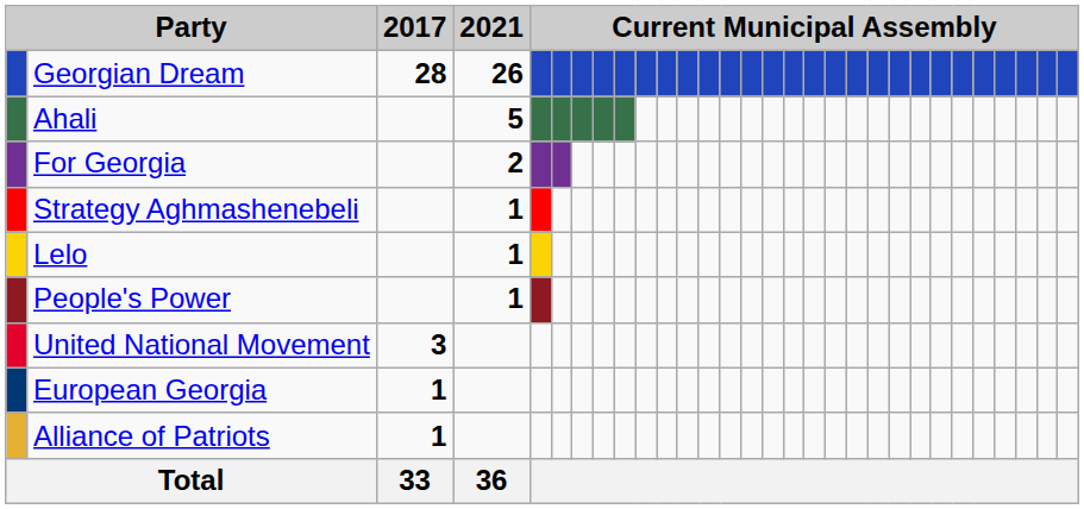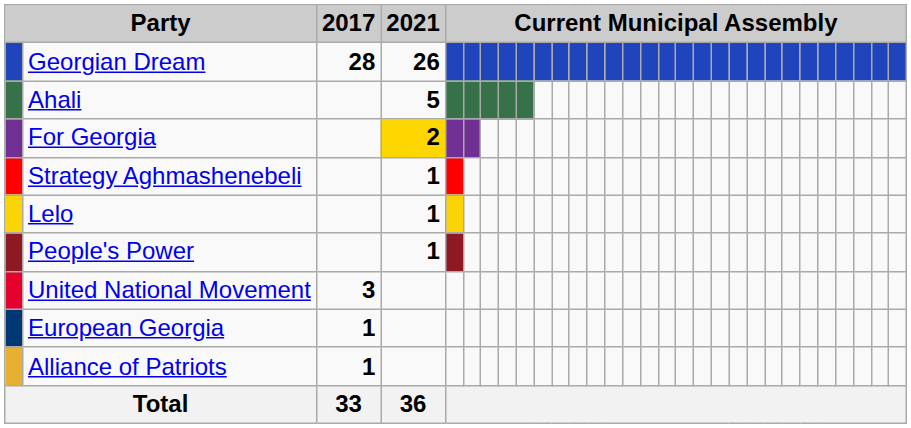 <table class="wikitable">
 <tr>
 <th colspan="2" style="background:#ccc">Party</th>
 <th style="background:#ccc">2017</th>
 <th style="background:#ccc">2021</th>
 <th colspan="28" style="background:#ccc">Current Municipal Assembly</th>
 </tr>
 <tr>
 <td style="background-color: #2044bc "> </td>
 <td><a href='#'>Georgian Dream</a></td>
 <td style="text-align: right"><strong>28</strong></td>
 <td style="text-align: right"><strong>26</strong></td>
 <td style="background-color: #2044bc "></td>
 <td style="background-color: #2044bc "> </td>
 <td style="background-color: #2044bc "> </td>
 <td style="background-color: #2044bc "> </td>
 <td style="background-color: #2044bc "> </td>
 <td style="background-color: #2044bc "> </td>
 <td style="background-color: #2044bc "> </td>
 <td style="background-color: #2044bc "> </td>
 <td style="background-color: #2044bc "> </td>
 <td style="background-color: #2044bc "> </td>
 <td style="background-color: #2044bc "> </td>
 <td style="background-color: #2044bc "> </td>
 <td style="background-color: #2044bc "> </td>
 <td style="background-color: #2044bc "> </td>
 <td style="background-color: #2044bc "> </td>
 <td style="background-color: #2044bc "> </td>
 <td style="background-color: #2044bc "> </td>
 <td style="background-color: #2044bc "> </td>
 <td style="background-color: #2044bc "> </td>
 <td style="background-color: #2044bc "> </td>
 <td style="background-color: #2044bc "> </td>
 <td style="background-color: #2044bc "> </td>
 <td style="background-color: #2044bc "> </td>
 <td style="background-color: #2044bc "> </td>
 <td style="background-color: #2044bc "> </td>
 <td style="background-color: #2044bc "> </td>
 </tr>
 <tr>
 <td style="background-color: #377149 "> </td>
 <td><a href='#'>Ahali</a></td>
 <td></td>
 <td style="text-align: right"><strong>5</strong></td>
 <td style="background-color: #377149 "> </td>
 <td style="background-color: #377149 "> </td>
 <td style="background-color: #377149 "> </td>
 <td style="background-color: #377149 "> </td>
 <td style="background-color: #377149 "> </td>
 <td></td>
 <td></td>
 <td></td>
 <td></td>
 <td></td>
 <td></td>
 <td></td>
 <td></td>
 <td></td>
 <td></td>
 <td></td>
 <td></td>
 <td></td>
 <td></td>
 <td></td>
 <td></td>
 <td></td>
 <td></td>
 <td></td>
 <td></td>
 <td></td>
 </tr>
 <tr>
 <td style="background-color: #702F92 "> </td>
 <td><a href='#'>For Georgia</a></td>
 <td></td>
-<td style="text-align: right"><strong>2</strong></td>
+<td style="background: gold; text-align: right"><strong>2</strong></td>
 <td style="background-color: #702f92 "> </td>
 <td style="background-color: #702f92 "> </td>
 <td></td>
 <td></td>
 <td></td>
 <td></td>
 <td></td>
 <td></td>
 <td></td>
 <td></td>
 <td></td>
 <td></td>
 <td></td>
 <td></td>
 <td></td>
 <td></td>
 <td></td>
 <td></td>
 <td></td>
 <td></td>
 <td></td>
 <td></td>
 <td></td>
 <td></td>
 <td></td>
 <td></td>
 </tr>
 <tr>
 <td style="background-color: #ff0000 "> </td>
 <td><a href='#'>Strategy Aghmashenebeli</a></td>
 <td></td>
 <td style="text-align: right"><strong>1</strong></td>
 <td style="background-color: #ff0000 "> </td>
 <td></td>
 <td></td>
 <td></td>
 <td></td>
 <td></td>
 <td></td>
 <td></td>
 <td></td>
 <td></td>
 <td></td>
 <td></td>
 <td></td>
 <td></td>
 <td></td>
 <td></td>
 <td></td>
 <td></td>
 <td></td>
 <td></td>
 <td></td>
 <td></td>
 <td></td>
 <td></td>
 <td></td>
 <td></td>
 </tr>
 <tr>
 <td style="background-color: #fad406 "> </td>
 <td><a href='#'>Lelo</a></td>
 <td></td>
 <td style="text-align: right"><strong>1</strong></td>
 <td style="background-color: #fad406 "> </td>
 <td></td>
 <td></td>
 <td></td>
 <td></td>
 <td></td>
 <td></td>
 <td></td>
 <td></td>
 <td></td>
 <td></td>
 <td></td>
 <td></td>
 <td></td>
 <td></td>
 <td></td>
 <td></td>
 <td></td>
 <td></td>
 <td></td>
 <td></td>
 <td></td>
 <td></td>
 <td></td>
 <td></td>
 <td></td>
 </tr>
 <tr>
 <td style="background-color: #8e1922"> </td>
 <td><a href='#'>People's Power</a></td>
 <td></td>
 <td style="text-align: right"><strong>1</strong></td>
 <td style="background-color: #8e1922"> </td>
 <td></td>
 <td></td>
 <td></td>
 <td></td>
 <td></td>
 <td></td>
 <td></td>
 <td></td>
 <td></td>
 <td></td>
 <td></td>
 <td></td>
 <td></td>
 <td></td>
 <td></td>
 <td></td>
 <td></td>
 <td></td>
 <td></td>
 <td></td>
 <td></td>
 <td></td>
 <td></td>
 <td></td>
 <td></td>
 </tr>
 <tr>
 <td style="background-color: #e4012e "> </td>
 <td><a href='#'>United National Movement</a></td>
 <td style="text-align: right"><strong>3</strong></td>
 <td></td>
 <td></td>
 <td></td>
 <td></td>
 <td></td>
 <td></td>
 <td></td>
 <td></td>
 <td></td>
 <td></td>
 <td></td>
 <td></td>
 <td></td>
 <td></td>
 <td></td>
 <td></td>
 <td></td>
 <td></td>
 <td></td>
 <td></td>
 <td></td>
 <td></td>
 <td></td>
 <td></td>
 <td></td>
 <td></td>
 <td></td>
 </tr>
 <tr>
 <td style="background-color: #003876 "> </td>
 <td><a href='#'>European Georgia</a></td>
 <td style="text-align: right"><strong>1</strong></td>
 <td></td>
 <td></td>
 <td></td>
 <td></td>
 <td></td>
 <td></td>
 <td></td>
 <td></td>
 <td></td>
 <td></td>
 <td></td>
 <td></td>
 <td></td>
 <td></td>
 <td></td>
 <td></td>
 <td></td>
 <td></td>
 <td></td>
 <td></td>
 <td></td>
 <td></td>
 <td></td>
 <td></td>
 <td></td>
 <td></td>
 <td></td>
 </tr>
 <tr>
 <td style="background-color: #e7b031 "> </td>
 <td><a href='#'>Alliance of Patriots</a></td>
 <td style="text-align: right"><strong>1</strong></td>
 <td></td>
 <td></td>
 <td></td>
 <td></td>
 <td></td>
 <td></td>
 <td></td>
 <td></td>
 <td></td>
 <td></td>
 <td></td>
 <td></td>
 <td></td>
 <td></td>
 <td></td>
 <td></td>
 <td></td>
 <td></td>
 <td></td>
 <td></td>
 <td></td>
 <td></td>
 <td></td>
 <td></td>
 <td></td>
 <td></td>
 <td></td>
 </tr>
 <tr>
 <th colspan="2">Total</th>
 <th align="right">33</th>
 <th align="right">36</th>
 <th colspan="43"> </th>
 </tr>
 </table>
